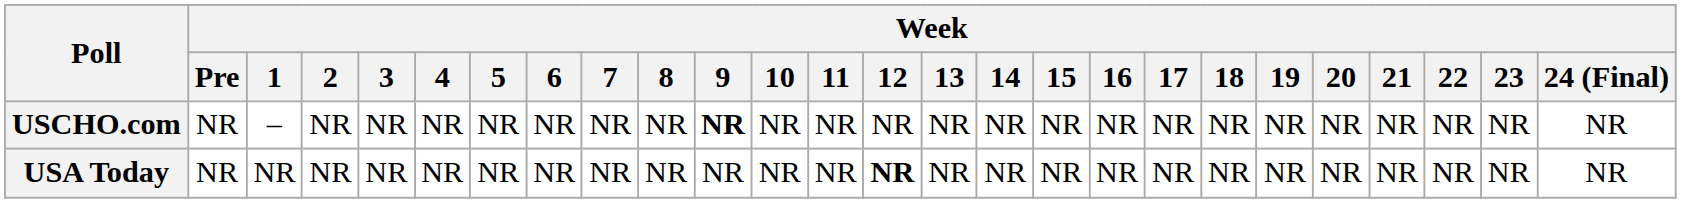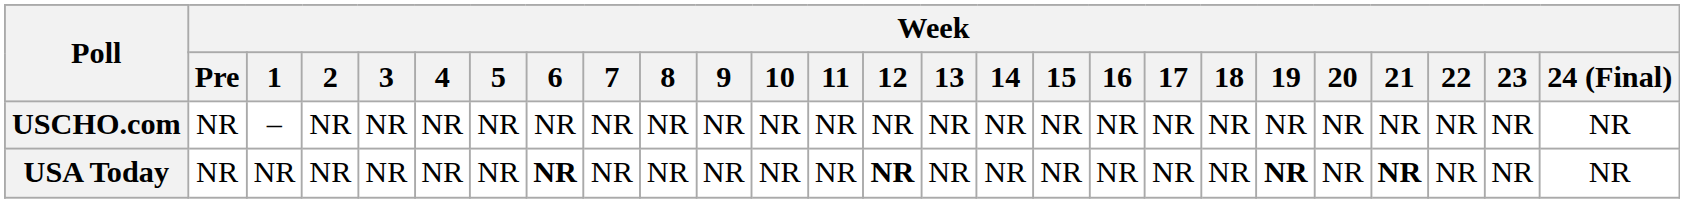 <table class="wikitable" style="white-space:nowrap;">
 <tr>
 <th scope="col" width="100" rowspan="2">Poll</th>
 <th colspan="27">Week</th>
 </tr>
 <tr>
 <th scope="col" width="30">Pre</th>
 <th scope="col" width="30">1</th>
 <th scope="col" width="30">2</th>
 <th scope="col" width="30">3</th>
 <th scope="col" width="30">4</th>
 <th scope="col" width="30">5</th>
 <th scope="col" width="30">6</th>
 <th scope="col" width="30">7</th>
 <th scope="col" width="30">8</th>
 <th scope="col" width="30">9</th>
 <th scope="col" width="30">10</th>
 <th scope="col" width="30">11</th>
 <th scope="col" width="30">12</th>
 <th scope="col" width="30">13</th>
 <th scope="col" width="30">14</th>
 <th scope="col" width="30">15</th>
 <th scope="col" width="30">16</th>
 <th scope="col" width="30">17</th>
 <th scope="col" width="30">18</th>
 <th scope="col" width="30">19</th>
 <th scope="col" width="30">20</th>
 <th scope="col" width="30">21</th>
 <th scope="col" width="30">22</th>
 <th scope="col" width="30">23</th>
 <th scope="col" width="30">24 (Final)</th>
 </tr>
 <tr style="text-align:center;">
 <th>USCHO.com</th>
 <td bgcolor=FFFFFF>NR</td>
 <td bgcolor=FFFFFF>–</td>
 <td bgcolor=FFFFFF>NR</td>
 <td bgcolor=FFFFFF>NR</td>
 <td bgcolor=FFFFFF>NR</td>
 <td bgcolor=FFFFFF>NR</td>
 <td bgcolor=FFFFFF>NR</td>
 <td bgcolor=FFFFFF>NR</td>
 <td bgcolor=FFFFFF>NR</td>
-<td bgcolor=FFFFFF><strong>NR</strong></td>
+<td bgcolor=FFFFFF>NR</td>
 <td bgcolor=FFFFFF>NR</td>
 <td bgcolor=FFFFFF>NR</td>
 <td bgcolor=FFFFFF>NR</td>
 <td bgcolor=FFFFFF>NR</td>
 <td bgcolor=FFFFFF>NR</td>
 <td bgcolor=FFFFFF>NR</td>
 <td bgcolor=FFFFFF>NR</td>
 <td bgcolor=FFFFFF>NR</td>
 <td bgcolor=FFFFFF>NR</td>
 <td bgcolor=FFFFFF>NR</td>
 <td bgcolor=FFFFFF>NR</td>
 <td bgcolor=FFFFFF>NR</td>
 <td bgcolor=FFFFFF>NR</td>
 <td bgcolor=FFFFFF>NR</td>
 <td bgcolor=FFFFFF>NR</td>
 </tr>
 <tr style="text-align:center;">
 <th>USA Today</th>
 <td bgcolor=FFFFFF>NR</td>
 <td bgcolor=FFFFFF>NR</td>
 <td bgcolor=FFFFFF>NR</td>
 <td bgcolor=FFFFFF>NR</td>
 <td bgcolor=FFFFFF>NR</td>
 <td bgcolor=FFFFFF>NR</td>
-<td bgcolor=FFFFFF>NR</td>
+<td bgcolor=FFFFFF><strong>NR</strong></td>
 <td bgcolor=FFFFFF>NR</td>
 <td bgcolor=FFFFFF>NR</td>
 <td bgcolor=FFFFFF>NR</td>
 <td bgcolor=FFFFFF>NR</td>
 <td bgcolor=FFFFFF>NR</td>
 <td bgcolor=FFFFFF><strong>NR</strong></td>
 <td bgcolor=FFFFFF>NR</td>
 <td bgcolor=FFFFFF>NR</td>
 <td bgcolor=FFFFFF>NR</td>
 <td bgcolor=FFFFFF>NR</td>
 <td bgcolor=FFFFFF>NR</td>
 <td bgcolor=FFFFFF>NR</td>
+<td bgcolor=FFFFFF><strong>NR</strong></td>
 <td bgcolor=FFFFFF>NR</td>
-<td bgcolor=FFFFFF>NR</td>
-<td bgcolor=FFFFFF>NR</td>
+<td bgcolor=FFFFFF><strong>NR</strong></td>
 <td bgcolor=FFFFFF>NR</td>
 <td bgcolor=FFFFFF>NR</td>
 <td bgcolor=FFFFFF>NR</td>
 </tr>
 </table>
